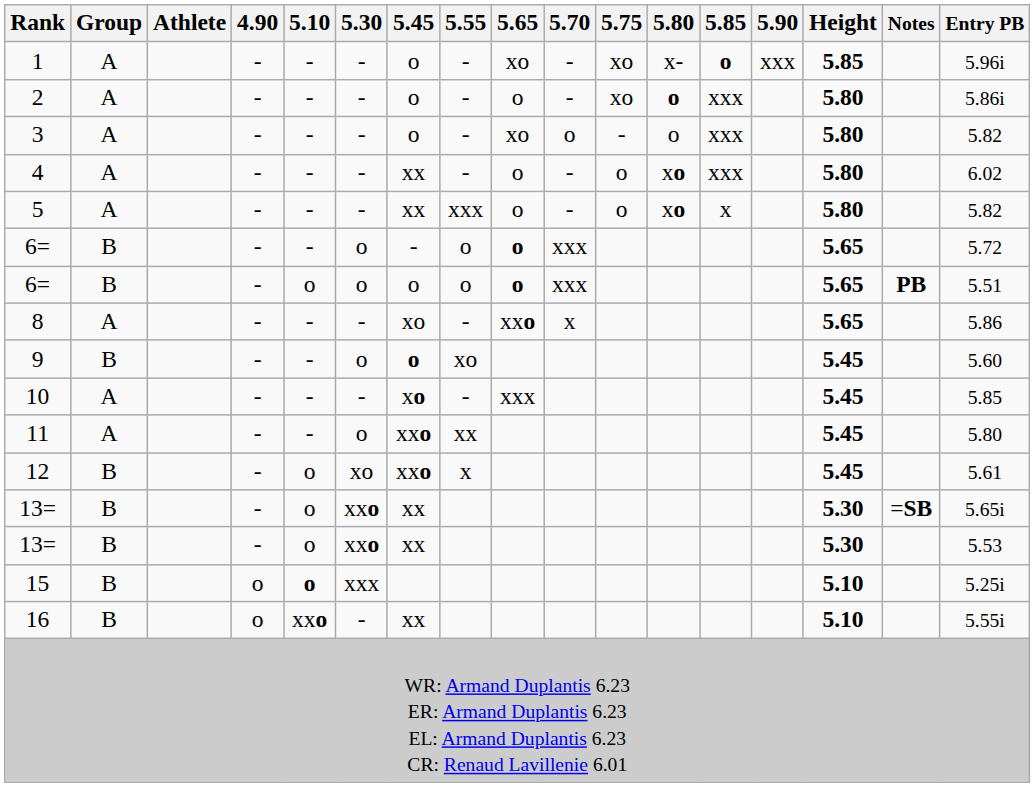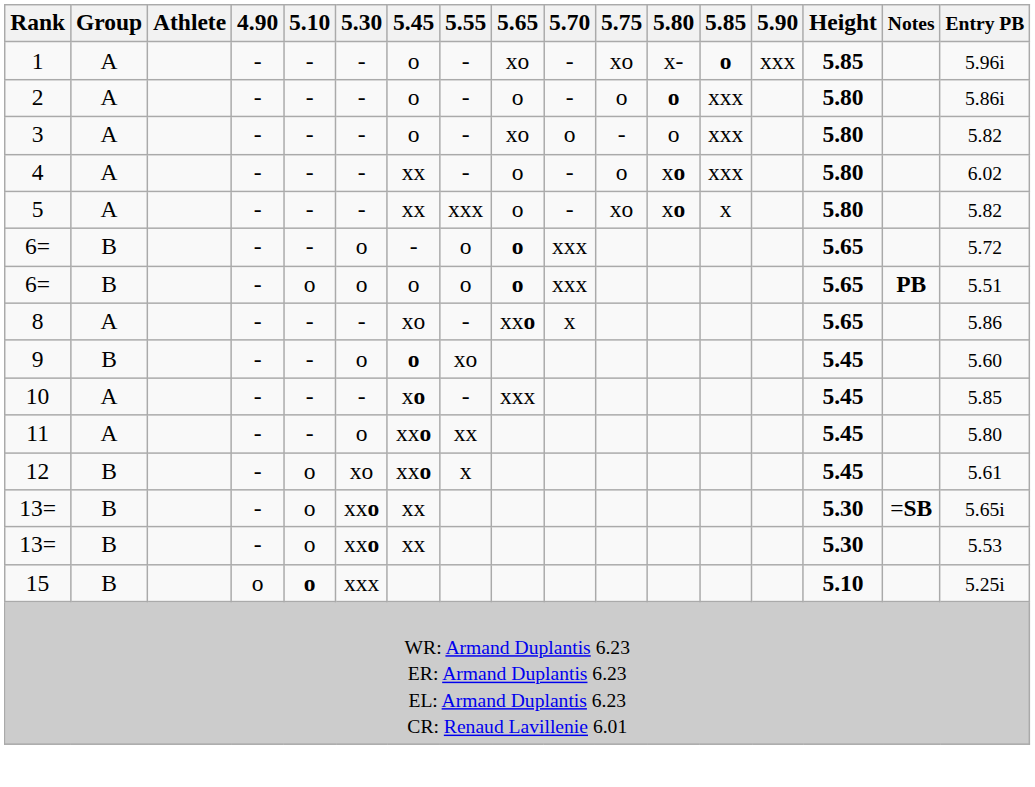 <table class="wikitable sortable" style="text-align:center;">
 <tr>
 <th>Rank</th>
 <th>Group</th>
 <th>Athlete</th>
 <th>4.90</th>
 <th>5.10</th>
 <th>5.30</th>
 <th>5.45</th>
 <th>5.55</th>
 <th>5.65</th>
 <th>5.70</th>
 <th>5.75</th>
 <th>5.80</th>
 <th>5.85</th>
 <th>5.90</th>
 <th>Height</th>
 <th><small>Notes</small></th>
 <th><small>Entry PB</small></th>
 </tr>
 <tr>
 <td>1</td>
 <td>A</td>
 <td align=left></td>
 <td>-</td>
 <td>-</td>
 <td>-</td>
 <td>o</td>
 <td>-</td>
 <td>xo</td>
 <td>-</td>
 <td>xo</td>
 <td>x-</td>
 <td><strong>o</strong></td>
 <td>xxx</td>
 <td><strong>5.85</strong></td>
 <td></td>
 <td><small>5.96i</small></td>
 </tr>
 <tr>
 <td>2</td>
 <td>A</td>
 <td align=left></td>
 <td>-</td>
 <td>-</td>
 <td>-</td>
 <td>o</td>
 <td>-</td>
 <td>o</td>
 <td>-</td>
-<td>xo</td>
+<td>o</td>
 <td><strong>o</strong></td>
 <td>xxx</td>
 <td></td>
 <td><strong>5.80</strong></td>
 <td></td>
 <td><small>5.86i</small></td>
 </tr>
 <tr>
 <td>3</td>
 <td>A</td>
 <td align=left></td>
 <td>-</td>
 <td>-</td>
 <td>-</td>
 <td>o</td>
 <td>-</td>
 <td>xo</td>
 <td>o</td>
 <td>-</td>
 <td>o</td>
 <td>xxx</td>
 <td></td>
 <td><strong>5.80</strong></td>
 <td></td>
 <td><small>5.82</small></td>
 </tr>
 <tr>
 <td>4</td>
 <td>A</td>
 <td align=left></td>
 <td>-</td>
 <td>-</td>
 <td>-</td>
 <td>xx</td>
 <td>-</td>
 <td>o</td>
 <td>-</td>
 <td>o</td>
 <td>x<strong>o</strong></td>
 <td>xxx</td>
 <td></td>
 <td><strong>5.80</strong></td>
 <td></td>
 <td><small>6.02</small></td>
 </tr>
 <tr>
 <td>5</td>
 <td>A</td>
 <td align=left></td>
 <td>-</td>
 <td>-</td>
 <td>-</td>
 <td>xx</td>
 <td>xxx</td>
 <td>o</td>
 <td>-</td>
-<td>o</td>
+<td>xo</td>
 <td>x<strong>o</strong></td>
 <td>x</td>
 <td></td>
 <td><strong>5.80</strong></td>
 <td></td>
 <td><small>5.82</small></td>
 </tr>
 <tr>
 <td>6=</td>
 <td>B</td>
 <td align=left></td>
 <td>-</td>
 <td>-</td>
 <td>o</td>
 <td>-</td>
 <td>o</td>
 <td><strong>o</strong></td>
 <td>xxx</td>
 <td></td>
 <td></td>
 <td></td>
 <td></td>
 <td><strong>5.65</strong></td>
 <td></td>
 <td><small>5.72</small></td>
 </tr>
 <tr>
 <td>6=</td>
 <td>B</td>
 <td align=left></td>
 <td>-</td>
 <td>o</td>
 <td>o</td>
 <td>o</td>
 <td>o</td>
 <td><strong>o</strong></td>
 <td>xxx</td>
 <td></td>
 <td></td>
 <td></td>
 <td></td>
 <td><strong>5.65</strong></td>
 <td><strong>PB</strong></td>
 <td><small>5.51</small></td>
 </tr>
 <tr>
 <td>8</td>
 <td>A</td>
 <td align=left></td>
 <td>-</td>
 <td>-</td>
 <td>-</td>
 <td>xo</td>
 <td>-</td>
 <td>xx<strong>o</strong></td>
 <td>x</td>
 <td></td>
 <td></td>
 <td></td>
 <td></td>
 <td><strong>5.65</strong></td>
 <td></td>
 <td><small>5.86</small></td>
 </tr>
 <tr>
 <td>9</td>
 <td>B</td>
 <td align=left></td>
 <td>-</td>
 <td>-</td>
 <td>o</td>
 <td><strong>o</strong></td>
 <td>xo</td>
 <td></td>
 <td></td>
 <td></td>
 <td></td>
 <td></td>
 <td></td>
 <td><strong>5.45</strong></td>
 <td></td>
 <td><small>5.60</small></td>
 </tr>
 <tr>
 <td>10</td>
 <td>A</td>
 <td align=left></td>
 <td>-</td>
 <td>-</td>
 <td>-</td>
 <td>x<strong>o</strong></td>
 <td>-</td>
 <td>xxx</td>
 <td></td>
 <td></td>
 <td></td>
 <td></td>
 <td></td>
 <td><strong>5.45</strong></td>
 <td></td>
 <td><small>5.85</small></td>
 </tr>
 <tr>
 <td>11</td>
 <td>A</td>
 <td align=left></td>
 <td>-</td>
 <td>-</td>
 <td>o</td>
 <td>xx<strong>o</strong></td>
 <td>xx</td>
 <td></td>
 <td></td>
 <td></td>
 <td></td>
 <td></td>
 <td></td>
 <td><strong>5.45</strong></td>
 <td></td>
 <td><small>5.80</small></td>
 </tr>
 <tr>
 <td>12</td>
 <td>B</td>
 <td align=left></td>
 <td>-</td>
 <td>o</td>
 <td>xo</td>
 <td>xx<strong>o</strong></td>
 <td>x</td>
 <td></td>
 <td></td>
 <td></td>
 <td></td>
 <td></td>
 <td></td>
 <td><strong>5.45</strong></td>
 <td></td>
 <td><small>5.61</small></td>
 </tr>
 <tr>
 <td>13=</td>
 <td>B</td>
 <td align=left></td>
 <td>-</td>
 <td>o</td>
 <td>xx<strong>o</strong></td>
 <td>xx</td>
 <td></td>
 <td></td>
 <td></td>
 <td></td>
 <td></td>
 <td></td>
 <td></td>
 <td><strong>5.30</strong></td>
 <td>=<strong>SB</strong></td>
 <td><small>5.65i</small></td>
 </tr>
 <tr>
 <td>13=</td>
 <td>B</td>
 <td align=left></td>
 <td>-</td>
 <td>o</td>
 <td>xx<strong>o</strong></td>
 <td>xx</td>
 <td></td>
 <td></td>
 <td></td>
 <td></td>
 <td></td>
 <td></td>
 <td></td>
 <td><strong>5.30</strong></td>
 <td></td>
 <td><small>5.53</small></td>
 </tr>
 <tr>
 <td>15</td>
 <td>B</td>
 <td align=left></td>
 <td>o</td>
 <td><strong>o</strong></td>
 <td>xxx</td>
 <td></td>
 <td></td>
 <td></td>
 <td></td>
 <td></td>
 <td></td>
 <td></td>
 <td></td>
 <td><strong>5.10</strong></td>
 <td></td>
 <td><small>5.25i</small></td>
 </tr>
-<tr>
-<td>16</td>
-<td>B</td>
-<td align=left></td>
-<td>o</td>
-<td>xx<strong>o</strong></td>
-<td>-</td>
-<td>xx</td>
-<td></td>
-<td></td>
-<td></td>
-<td></td>
-<td></td>
-<td></td>
-<td></td>
-<td><strong>5.10</strong></td>
-<td></td>
-<td><small>5.55i</small></td>
-</tr>
 <tr class="sortbottom">
 <td colspan="17" bgcolor="#cccccc"><br> <small>WR:   <a href='#'>Armand Duplantis</a> 6.23<br>ER:  <a href='#'>Armand Duplantis</a> 6.23<br></small> <small>EL:   <a href='#'>Armand Duplantis</a> 6.23<br>CR:  <a href='#'>Renaud Lavillenie</a> 6.01</small></td>
 </tr>
 </table>
